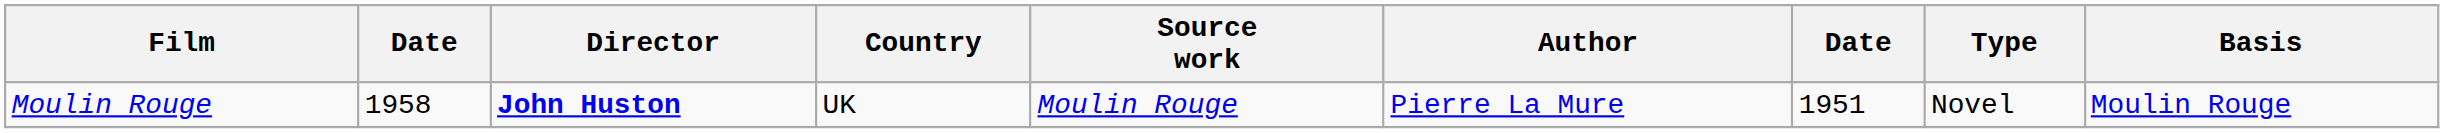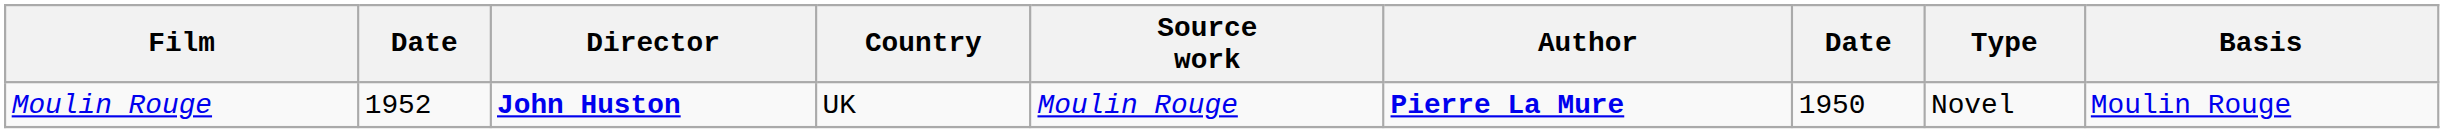 <table class="wikitable" style=width:90%>
 <tr bgcolor="#CCCCCC">
 <th>Film</th>
 <th>Date</th>
 <th>Director</th>
 <th>Country</th>
 <th>Source<br>work</th>
 <th>Author</th>
 <th>Date</th>
 <th>Type</th>
 <th>Basis</th>
 </tr>
 <tr>
 <td><em><a href='#'>Moulin Rouge</a></em></td>
-<td>1958</td>
+<td>1952</td>
 <td><strong><a href='#'>John Huston</a></strong></td>
 <td>UK</td>
 <td><em><a href='#'>Moulin Rouge</a></em></td>
-<td><a href='#'>Pierre La Mure</a></td>
-<td>1951</td>
+<td><strong><a href='#'>Pierre La Mure</a></strong></td>
+<td>1950</td>
 <td>Novel</td>
 <td><a href='#'>Moulin Rouge</a></td>
 </tr>
 <tr>
 </tr>
 </table>
